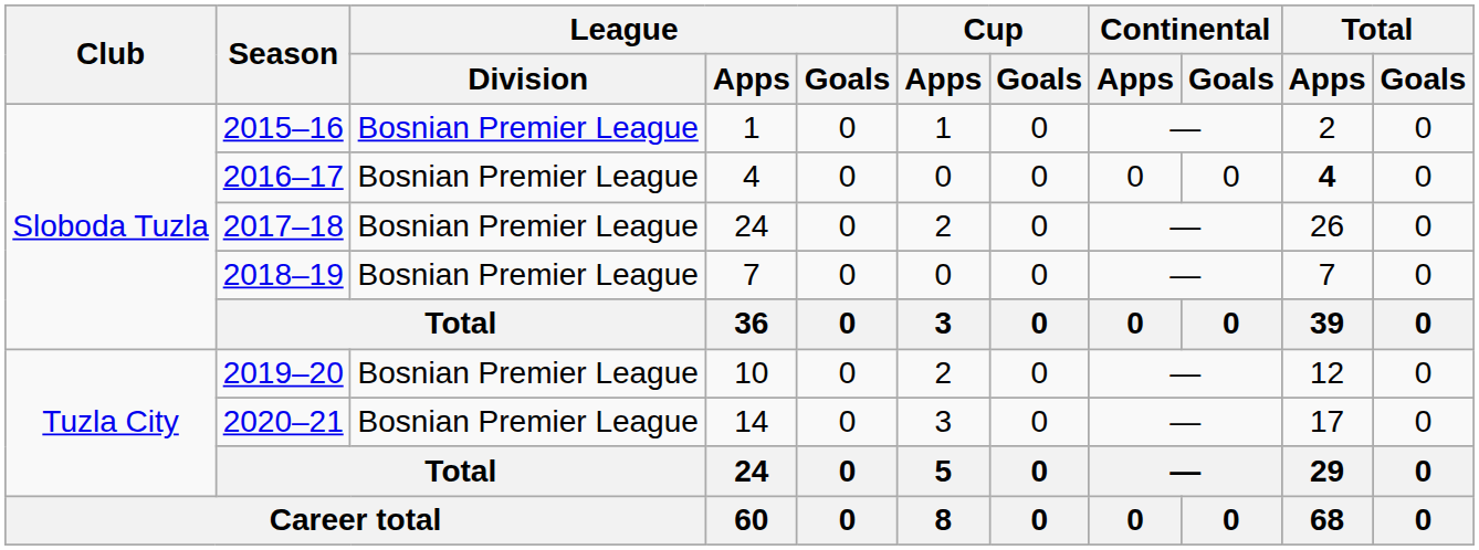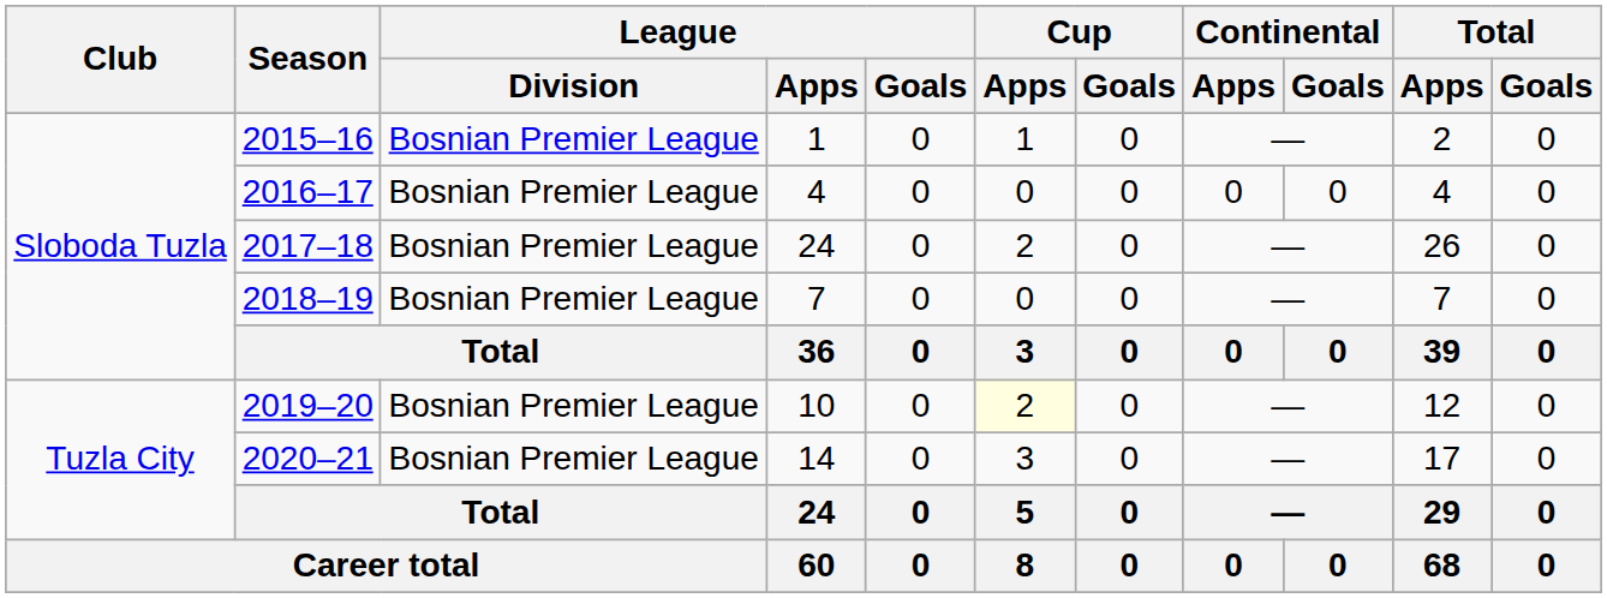 <table class="wikitable" style="text-align: center;">
 <tr>
 <th rowspan=2>Club</th>
 <th rowspan=2>Season</th>
 <th colspan=3>League</th>
 <th colspan=2>Cup</th>
 <th colspan=2>Continental</th>
 <th colspan=2>Total</th>
 </tr>
 <tr>
 <th>Division</th>
 <th>Apps</th>
 <th>Goals</th>
 <th>Apps</th>
 <th>Goals</th>
 <th>Apps</th>
 <th>Goals</th>
 <th>Apps</th>
 <th>Goals</th>
 </tr>
 <tr>
 <td rowspan=5><a href='#'>Sloboda Tuzla</a></td>
 <td><a href='#'>2015–16</a></td>
 <td><a href='#'>Bosnian Premier League</a></td>
 <td>1</td>
 <td>0</td>
 <td>1</td>
 <td>0</td>
 <td colspan=2>—</td>
 <td>2</td>
 <td>0</td>
 </tr>
 <tr>
 <td><a href='#'>2016–17</a></td>
 <td>Bosnian Premier League</td>
 <td>4</td>
 <td>0</td>
 <td>0</td>
 <td>0</td>
 <td>0</td>
 <td>0</td>
-<td><strong>4</strong></td>
+<td>4</td>
 <td>0</td>
 </tr>
 <tr>
 <td><a href='#'>2017–18</a></td>
 <td>Bosnian Premier League</td>
 <td>24</td>
 <td>0</td>
 <td>2</td>
 <td>0</td>
 <td colspan=2>—</td>
 <td>26</td>
 <td>0</td>
 </tr>
 <tr>
 <td><a href='#'>2018–19</a></td>
 <td>Bosnian Premier League</td>
 <td>7</td>
 <td>0</td>
 <td>0</td>
 <td>0</td>
 <td colspan=2>—</td>
 <td>7</td>
 <td>0</td>
 </tr>
 <tr>
 <th colspan=2>Total</th>
 <th>36</th>
 <th>0</th>
 <th>3</th>
 <th>0</th>
 <th>0</th>
 <th>0</th>
 <th>39</th>
 <th>0</th>
 </tr>
 <tr>
 <td rowspan=3><a href='#'>Tuzla City</a></td>
 <td><a href='#'>2019–20</a></td>
 <td>Bosnian Premier League</td>
 <td>10</td>
 <td>0</td>
-<td>2</td>
+<td style="background: lightyellow;">2</td>
 <td>0</td>
 <td colspan=2>—</td>
 <td>12</td>
 <td>0</td>
 </tr>
 <tr>
 <td><a href='#'>2020–21</a></td>
 <td>Bosnian Premier League</td>
 <td>14</td>
 <td>0</td>
 <td>3</td>
 <td>0</td>
 <td colspan=2>—</td>
 <td>17</td>
 <td>0</td>
 </tr>
 <tr>
 <th colspan=2>Total</th>
 <th>24</th>
 <th>0</th>
 <th>5</th>
 <th>0</th>
 <th colspan=2>—</th>
 <th>29</th>
 <th>0</th>
 </tr>
 <tr>
 <th colspan=3>Career total</th>
 <th>60</th>
 <th>0</th>
 <th>8</th>
 <th>0</th>
 <th>0</th>
 <th>0</th>
 <th>68</th>
 <th>0</th>
 </tr>
 </table>
